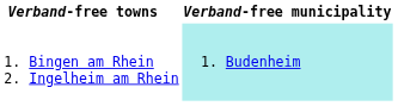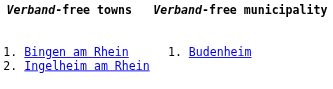 <table>
 <tr ---->
 <th><em>Verband</em>-free towns</th>
 <th><em>Verband</em>-free municipality</th>
 </tr>
 <tr>
 <td><br><ol><li><a href='#'>Bingen am Rhein</a></li><li><a href='#'>Ingelheim am Rhein</a></li></ol></td>
-<td valign=top style="background: paleturquoise;"><br><ol><li><a href='#'>Budenheim</a></li></ol></td>
+<td valign=top><br><ol><li><a href='#'>Budenheim</a></li></ol></td>
 </tr>
 </table>
